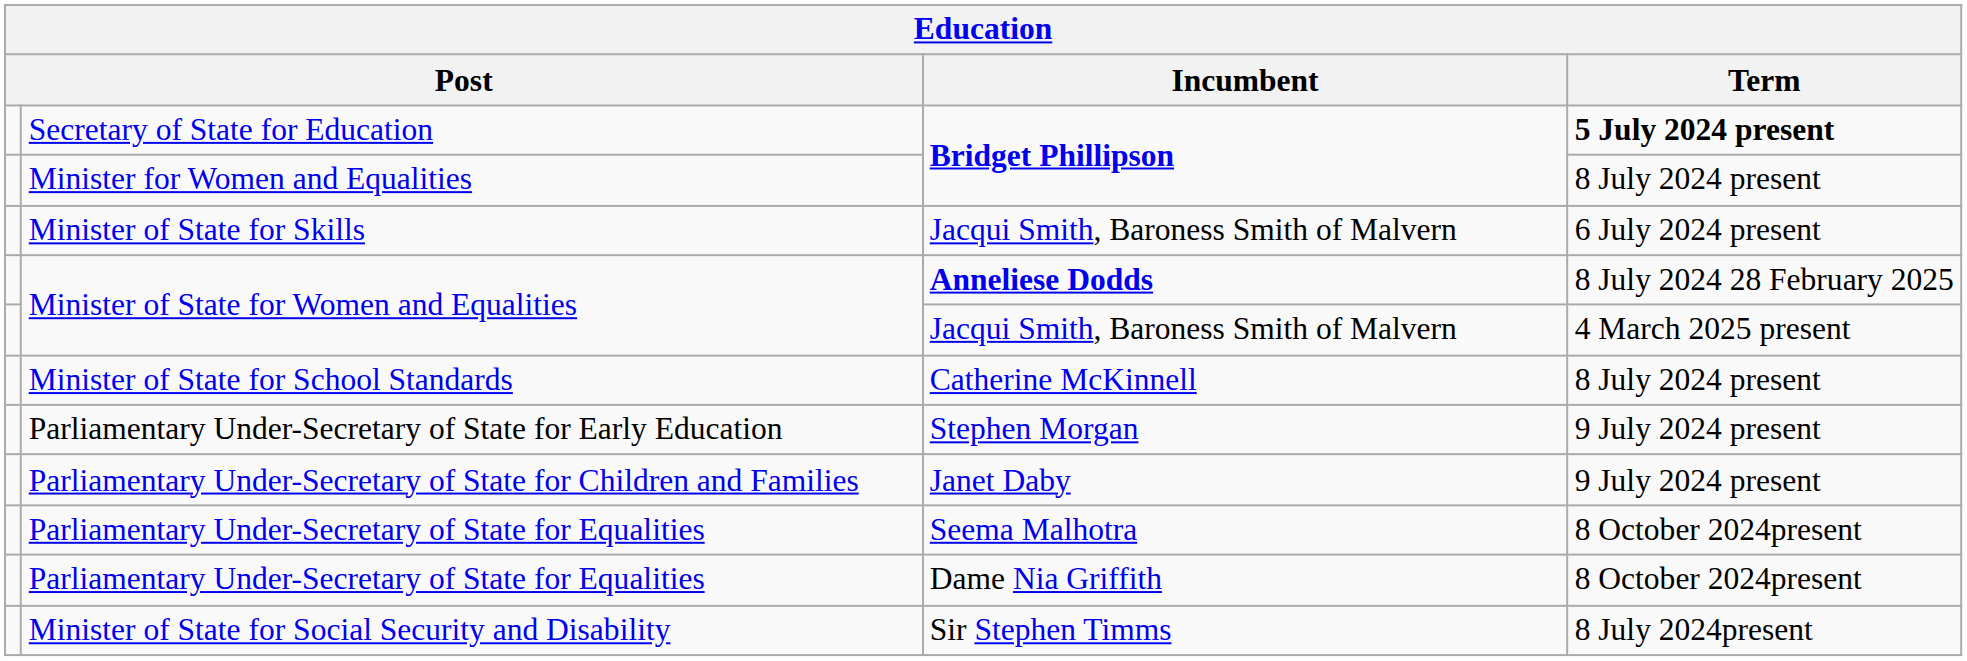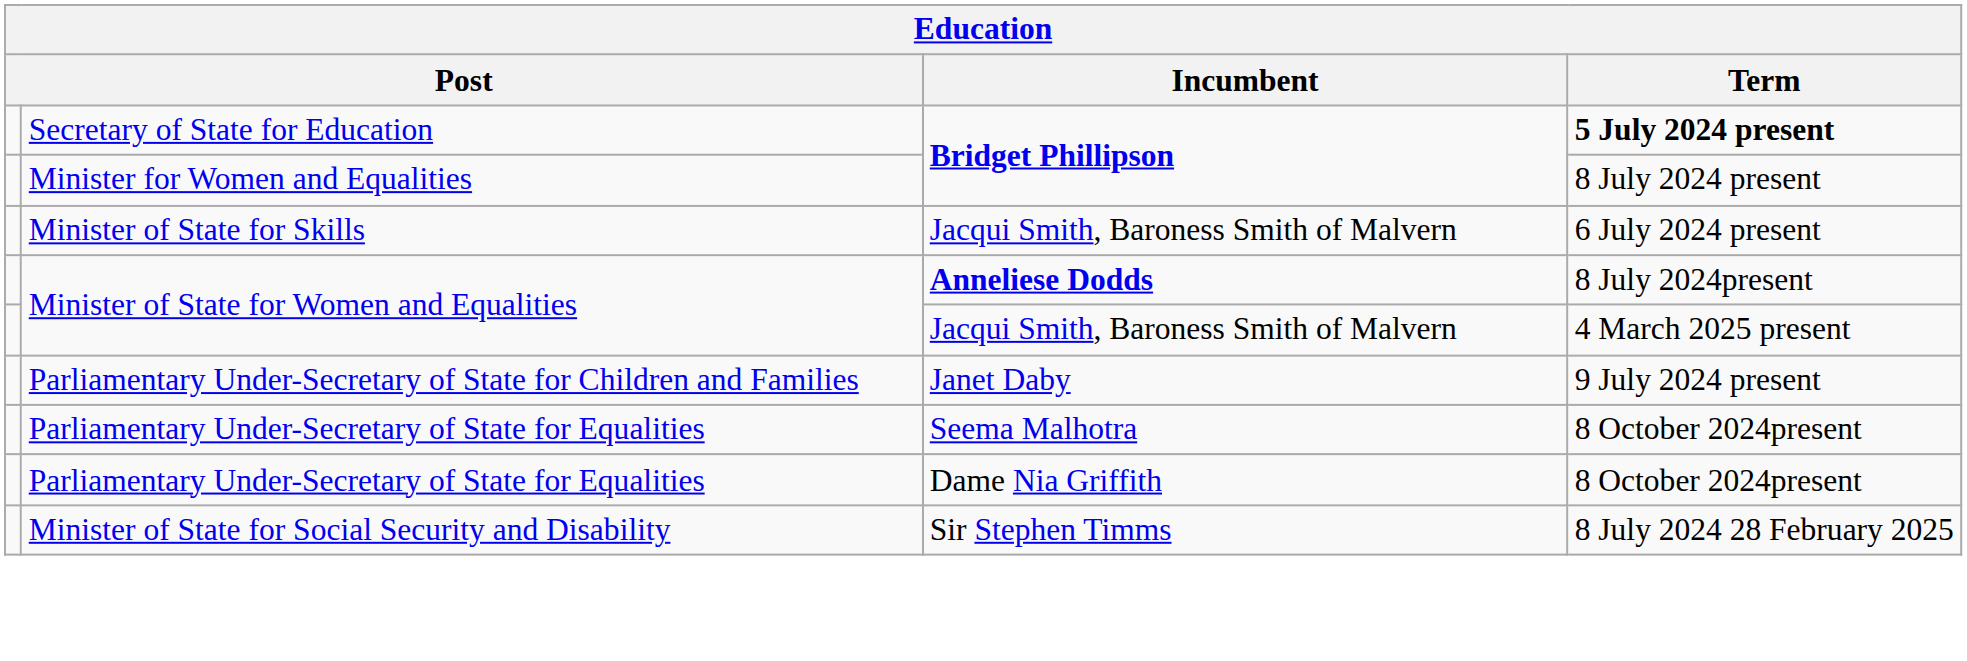 <table class="wikitable">
 <tr>
 <th colspan="4"><a href='#'>Education</a><br></th>
 </tr>
 <tr>
 <th colspan="2">Post</th>
 <th>Incumbent</th>
 <th>Term</th>
 </tr>
 <tr>
 <td rowspan="1" style="width: 1px; background: "></td>
 <td rowspan="1" style="width: 450px;"><a href='#'>Secretary of State for Education</a></td>
 <td rowspan="2"  style="width: 320px;"><strong><a href='#'>Bridget Phillipson</a></strong></td>
 <td><strong>5 July 2024 present</strong></td>
 </tr>
 <tr>
 <td rowspan="1" style="width: 1px; background: "></td>
 <td><a href='#'>Minister for Women and Equalities</a></td>
 <td>8 July 2024 present</td>
 </tr>
 <tr>
 <td rowspan="1" style="width: 1px; background: "></td>
 <td rowspan="1"><a href='#'>Minister of State for Skills</a></td>
 <td style="width: 320px;"><a href='#'>Jacqui Smith</a>, Baroness Smith of Malvern</td>
 <td>6 July 2024 present</td>
 </tr>
 <tr>
 <td rowspan="1" style="width: 1px; background: "></td>
 <td rowspan="2"><a href='#'>Minister of State for Women and Equalities</a></td>
 <td><strong><a href='#'>Anneliese Dodds</a></strong></td>
-<td>8 July 2024 28 February 2025</td>
+<td>8 July 2024present</td>
 </tr>
 <tr>
 <td rowspan="1" style="width: 1px; background: "></td>
 <td style="width: 320px;"><a href='#'>Jacqui Smith</a>, Baroness Smith of Malvern</td>
 <td>4 March 2025 present</td>
-</tr>
-<tr>
-<td rowspan="1" style="width: 1px; background: "></td>
-<td rowspan="1"><a href='#'>Minister of State for School Standards</a></td>
-<td style="width: 320px;"><a href='#'>Catherine McKinnell</a></td>
-<td>8 July 2024 present</td>
-</tr>
-<tr>
-<td rowspan="1" style="width: 1px; background: "></td>
-<td>Parliamentary Under-Secretary of State for Early Education</td>
-<td><a href='#'>Stephen Morgan</a></td>
-<td>9 July 2024 present</td>
 </tr>
 <tr>
 <td rowspan="1" style="width: 1px; background: "></td>
 <td><a href='#'>Parliamentary Under-Secretary of State for Children and Families</a></td>
 <td><a href='#'>Janet Daby</a></td>
 <td>9 July 2024 present</td>
 </tr>
 <tr>
 <td rowspan="1" style="width: 1px; background: "></td>
 <td><a href='#'>Parliamentary Under-Secretary of State for Equalities</a></td>
 <td><a href='#'>Seema Malhotra</a></td>
 <td>8 October 2024present</td>
 </tr>
 <tr>
 <td rowspan="1" style="width: 1px; background: "></td>
 <td><a href='#'>Parliamentary Under-Secretary of State for Equalities</a></td>
 <td>Dame <a href='#'>Nia Griffith</a></td>
 <td>8 October 2024present</td>
 </tr>
 <tr>
 <td rowspan="1" style="width: 1px; background: "></td>
 <td><a href='#'>Minister of State for Social Security and Disability</a></td>
 <td>Sir <a href='#'>Stephen Timms</a></td>
-<td>8 July 2024present</td>
+<td>8 July 2024 28 February 2025</td>
 </tr>
 </table>
